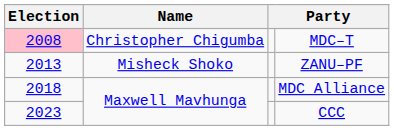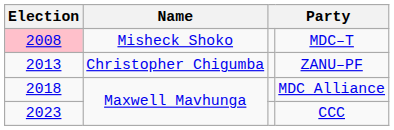 <table class="wikitable" style="text-align:center">
 <tr>
 <th>Election</th>
 <th>Name</th>
 <th colspan="2">Party</th>
 </tr>
 <tr>
 <td style="background: pink;"><a href='#'>2008</a></td>
-<td><a href='#'>Christopher Chigumba</a></td>
+<td><a href='#'>Misheck Shoko</a></td>
 <td style="background-color: "></td>
 <td><a href='#'>MDC–T</a></td>
 </tr>
 <tr>
 <td><a href='#'>2013</a></td>
-<td><a href='#'>Misheck Shoko</a></td>
+<td><a href='#'>Christopher Chigumba</a></td>
 <td style="background-color: "></td>
 <td><a href='#'>ZANU–PF</a></td>
 </tr>
 <tr>
 <td><a href='#'>2018</a></td>
 <td rowspan="2"><a href='#'>Maxwell Mavhunga</a></td>
 <td style="background-color: "></td>
 <td><a href='#'>MDC Alliance</a></td>
 </tr>
 <tr>
 <td><a href='#'>2023</a></td>
 <td style="background-color: "></td>
 <td><a href='#'>CCC</a></td>
 </tr>
 </table>
